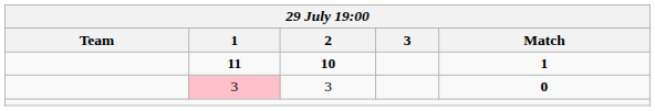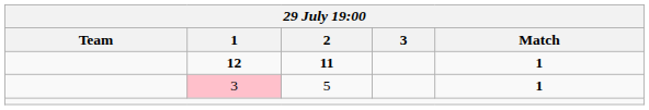 <table class=wikitable style="text-align:center; width: 55%">
 <tr>
 <th colspan=10><em>29 July 19:00</em></th>
 </tr>
 <tr>
 <th>Team</th>
 <th>1</th>
 <th>2</th>
 <th>3</th>
 <th>Match</th>
 </tr>
 <tr>
 <td align=left><strong><br></strong></td>
+<td><strong>12</strong></td>
 <td><strong>11</strong></td>
-<td><strong>10</strong></td>
 <td></td>
 <td><strong>1</strong></td>
 </tr>
 <tr>
 <td align=left><br></td>
 <td style="background: pink;">3</td>
-<td>3</td>
+<td>5</td>
 <td></td>
-<td><strong>0</strong></td>
+<td><strong>1</strong></td>
 </tr>
 <tr>
 <td colspan=10></td>
 </tr>
 </table>
